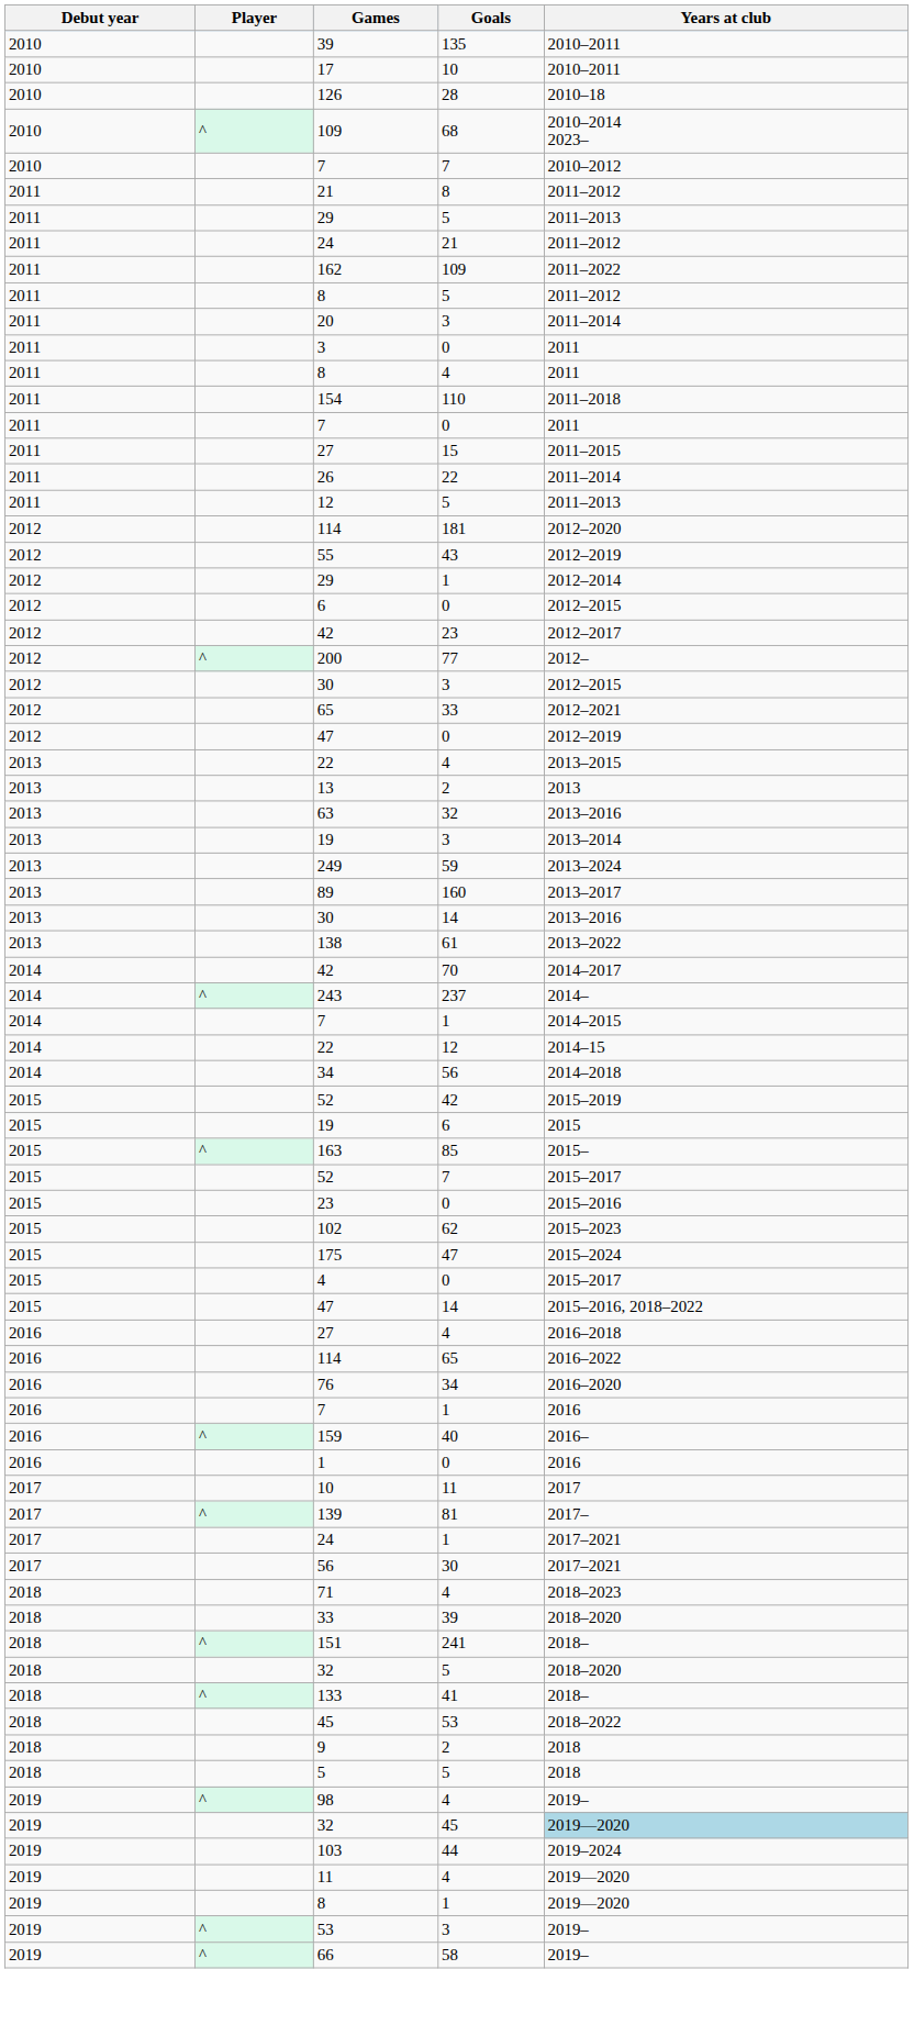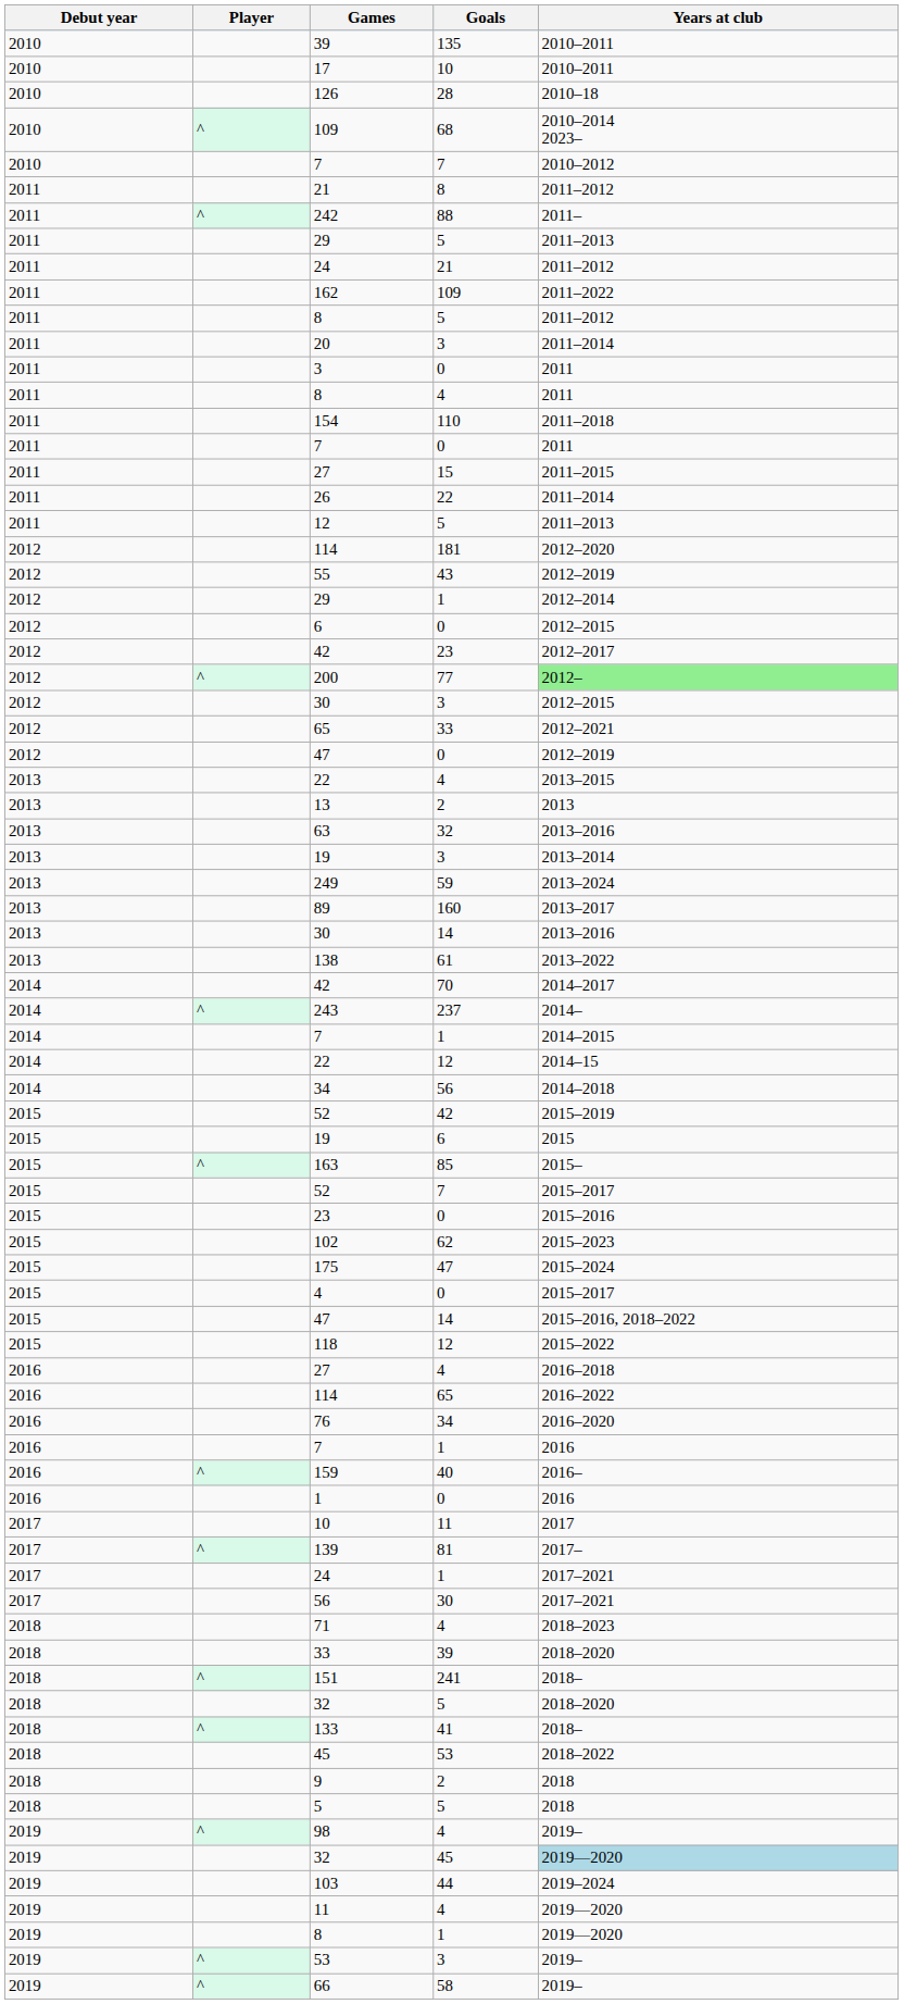 <table class="wikitable sortable" style="width:70%; text-align=center">
 <tr style="background:#87cefa;">
 <th>Debut year</th>
 <th>Player</th>
 <th>Games</th>
 <th>Goals</th>
 <th>Years at club</th>
 </tr>
 <tr>
 <td>2010</td>
 <td align=left></td>
 <td>39</td>
 <td>135</td>
 <td align=left>2010–2011</td>
 </tr>
 <tr>
 <td>2010</td>
 <td align=left></td>
 <td>17</td>
 <td>10</td>
 <td align=left>2010–2011</td>
 </tr>
 <tr>
 <td>2010</td>
 <td style="text-align:left"></td>
 <td>126</td>
 <td>28</td>
 <td align=left>2010–18</td>
 </tr>
 <tr>
 <td>2010</td>
 <td style="text-align:left; background:#d9f9e9">^</td>
 <td>109</td>
 <td>68</td>
 <td align=left>2010–2014<br>2023–</td>
 </tr>
 <tr>
 <td>2010</td>
 <td align=left></td>
 <td>7</td>
 <td>7</td>
 <td align=left>2010–2012</td>
 </tr>
 <tr>
 <td>2011</td>
 <td align=left></td>
 <td>21</td>
 <td>8</td>
 <td align=left>2011–2012</td>
+</tr>
+<tr>
+<td>2011</td>
+<td style="text-align:left; background:#d9f9e9">^</td>
+<td>242</td>
+<td>88</td>
+<td align=left>2011–</td>
 </tr>
 <tr>
 <td>2011</td>
 <td align=left></td>
 <td>29</td>
 <td>5</td>
 <td align=left>2011–2013</td>
 </tr>
 <tr>
 <td>2011</td>
 <td align=left></td>
 <td>24</td>
 <td>21</td>
 <td align=left>2011–2012</td>
 </tr>
 <tr>
 <td>2011</td>
 <td style="text-align:left"></td>
 <td>162</td>
 <td>109</td>
 <td align="left">2011–2022</td>
 </tr>
 <tr>
 <td>2011</td>
 <td align=left></td>
 <td>8</td>
 <td>5</td>
 <td align=left>2011–2012</td>
 </tr>
 <tr>
 <td>2011</td>
 <td align=left></td>
 <td>20</td>
 <td>3</td>
 <td align=left>2011–2014</td>
 </tr>
 <tr>
 <td>2011</td>
 <td align=left></td>
 <td>3</td>
 <td>0</td>
 <td align=left>2011</td>
 </tr>
 <tr>
 <td>2011</td>
 <td align=left></td>
 <td>8</td>
 <td>4</td>
 <td align=left>2011</td>
 </tr>
 <tr>
 <td>2011</td>
 <td style="text-align:left"></td>
 <td>154</td>
 <td>110</td>
 <td align=left>2011–2018</td>
 </tr>
 <tr>
 <td>2011</td>
 <td align=left></td>
 <td>7</td>
 <td>0</td>
 <td align=left>2011</td>
 </tr>
 <tr>
 <td>2011</td>
 <td align=left></td>
 <td>27</td>
 <td>15</td>
 <td align=left>2011–2015</td>
 </tr>
 <tr>
 <td>2011</td>
 <td align=left></td>
 <td>26</td>
 <td>22</td>
 <td align=left>2011–2014</td>
 </tr>
 <tr>
 <td>2011</td>
 <td align=left></td>
 <td>12</td>
 <td>5</td>
 <td align=left>2011–2013</td>
 </tr>
 <tr>
 <td>2012</td>
 <td align=left></td>
 <td>114</td>
 <td>181</td>
 <td align=left>2012–2020</td>
 </tr>
 <tr>
 <td>2012</td>
 <td align=left></td>
 <td>55</td>
 <td>43</td>
 <td align=left>2012–2019</td>
 </tr>
 <tr>
 <td>2012</td>
 <td align=left></td>
 <td>29</td>
 <td>1</td>
 <td align=left>2012–2014</td>
 </tr>
 <tr>
 <td>2012</td>
 <td align=left></td>
 <td>6</td>
 <td>0</td>
 <td align=left>2012–2015</td>
 </tr>
 <tr>
 <td>2012</td>
 <td align=left></td>
 <td>42</td>
 <td>23</td>
 <td align=left>2012–2017</td>
 </tr>
 <tr>
 <td>2012</td>
 <td style="text-align:left; background:#d9f9e9">^</td>
 <td>200</td>
 <td>77</td>
-<td align=left>2012–</td>
+<td align=left style="background: lightgreen;">2012–</td>
 </tr>
 <tr>
 <td>2012</td>
 <td align=left></td>
 <td>30</td>
 <td>3</td>
 <td align=left>2012–2015</td>
 </tr>
 <tr>
 <td>2012</td>
 <td style="text-align:left"></td>
 <td>65</td>
 <td>33</td>
 <td align=left>2012–2021</td>
 </tr>
 <tr>
 <td>2012</td>
 <td align=left></td>
 <td>47</td>
 <td>0</td>
 <td align=left>2012–2019</td>
 </tr>
 <tr>
 <td>2013</td>
 <td align=left></td>
 <td>22</td>
 <td>4</td>
 <td align=left>2013–2015</td>
 </tr>
 <tr>
 <td>2013</td>
 <td align=left></td>
 <td>13</td>
 <td>2</td>
 <td align=left>2013</td>
 </tr>
 <tr>
 <td>2013</td>
 <td align=left></td>
 <td>63</td>
 <td>32</td>
 <td align=left>2013–2016</td>
 </tr>
 <tr>
 <td>2013</td>
 <td align=left></td>
 <td>19</td>
 <td>3</td>
 <td align=left>2013–2014</td>
 </tr>
 <tr>
 <td>2013</td>
 <td style="text-align:left"></td>
 <td>249</td>
 <td>59</td>
 <td align=left>2013–2024</td>
 </tr>
 <tr>
 <td>2013</td>
 <td align=left></td>
 <td>89</td>
 <td>160</td>
 <td align=left>2013–2017</td>
 </tr>
 <tr>
 <td>2013</td>
 <td align=left></td>
 <td>30</td>
 <td>14</td>
 <td align=left>2013–2016</td>
 </tr>
 <tr>
 <td>2013</td>
 <td style="text-align:left"></td>
 <td>138</td>
 <td>61</td>
 <td align=left>2013–2022</td>
 </tr>
 <tr>
 <td>2014</td>
 <td align=left></td>
 <td>42</td>
 <td>70</td>
 <td align=left>2014–2017</td>
 </tr>
 <tr>
 <td>2014</td>
 <td style="text-align:left; background:#d9f9e9">^</td>
 <td>243</td>
 <td>237</td>
 <td align=left>2014–</td>
 </tr>
 <tr>
 <td>2014</td>
 <td align=left></td>
 <td>7</td>
 <td>1</td>
 <td align=left>2014–2015</td>
 </tr>
 <tr>
 <td>2014</td>
 <td style="text-align:left"></td>
 <td>22</td>
 <td>12</td>
 <td align=left>2014–15</td>
 </tr>
 <tr>
 <td>2014</td>
 <td style="text-align:left"></td>
 <td>34</td>
 <td>56</td>
 <td align=left>2014–2018</td>
 </tr>
 <tr>
 <td>2015</td>
 <td style="text-align:left"></td>
 <td>52</td>
 <td>42</td>
 <td align=left>2015–2019</td>
 </tr>
 <tr>
 <td>2015</td>
 <td style="text-align:left"></td>
 <td>19</td>
 <td>6</td>
 <td align=left>2015</td>
 </tr>
 <tr>
 <td>2015</td>
 <td style="text-align:left; background:#d9f9e9">^</td>
 <td>163</td>
 <td>85</td>
 <td align=left>2015–</td>
 </tr>
 <tr>
 <td>2015</td>
 <td style="text-align:left"></td>
 <td>52</td>
 <td>7</td>
 <td align=left>2015–2017</td>
 </tr>
 <tr>
 <td>2015</td>
 <td align=left></td>
 <td>23</td>
 <td>0</td>
 <td align=left>2015–2016</td>
 </tr>
 <tr>
 <td>2015</td>
 <td style="text-align:left"></td>
 <td>102</td>
 <td>62</td>
 <td align=left>2015–2023</td>
 </tr>
 <tr>
 <td>2015</td>
 <td style="text-align:left"></td>
 <td>175</td>
 <td>47</td>
 <td align=left>2015–2024</td>
 </tr>
 <tr>
 <td>2015</td>
 <td align=left></td>
 <td>4</td>
 <td>0</td>
 <td align=left>2015–2017</td>
 </tr>
 <tr>
 <td>2015</td>
 <td style="text-align:left"></td>
 <td>47</td>
 <td>14</td>
 <td align=left>2015–2016, 2018–2022</td>
 </tr>
 <tr>
+<td>2015</td>
+<td style="text-align:left"></td>
+<td>118</td>
+<td>12</td>
+<td align=left>2015–2022</td>
+</tr>
+<tr>
 <td>2016</td>
 <td style="text-align:left"></td>
 <td>27</td>
 <td>4</td>
 <td align=left>2016–2018</td>
 </tr>
 <tr>
 <td>2016</td>
 <td style="text-align:left"></td>
 <td>114</td>
 <td>65</td>
 <td align=left>2016–2022</td>
 </tr>
 <tr>
 <td>2016</td>
 <td style="text-align:left"></td>
 <td>76</td>
 <td>34</td>
 <td align=left>2016–2020</td>
 </tr>
 <tr>
 <td>2016</td>
 <td style="text-align:left;"></td>
 <td>7</td>
 <td>1</td>
 <td align=left>2016</td>
 </tr>
 <tr>
 <td>2016</td>
 <td style="text-align:left; background:#d9f9e9">^</td>
 <td>159</td>
 <td>40</td>
 <td align=left>2016–</td>
 </tr>
 <tr>
 <td>2016</td>
 <td style="text-align:left"></td>
 <td>1</td>
 <td>0</td>
 <td align=left>2016</td>
 </tr>
 <tr>
 <td>2017</td>
 <td style="text-align:left;"></td>
 <td>10</td>
 <td>11</td>
 <td align=left>2017</td>
 </tr>
 <tr>
 <td>2017</td>
 <td style="text-align:left; background:#d9f9e9">^</td>
 <td>139</td>
 <td>81</td>
 <td align=left>2017–</td>
 </tr>
 <tr>
 <td>2017</td>
 <td style="text-align:left"></td>
 <td>24</td>
 <td>1</td>
 <td align=left>2017–2021</td>
 </tr>
 <tr>
 <td>2017</td>
 <td style="text-align:left"></td>
 <td>56</td>
 <td>30</td>
 <td align=left>2017–2021</td>
 </tr>
 <tr>
 <td>2018</td>
 <td style="text-align:left"></td>
 <td>71</td>
 <td>4</td>
 <td align=left>2018–2023</td>
 </tr>
 <tr>
 <td>2018</td>
 <td style="text-align:left;"></td>
 <td>33</td>
 <td>39</td>
 <td align=left>2018–2020</td>
 </tr>
 <tr>
 <td>2018</td>
 <td style="text-align:left; background:#d9f9e9">^</td>
 <td>151</td>
 <td>241</td>
 <td align=left>2018–</td>
 </tr>
 <tr>
 <td>2018</td>
 <td style="text-align:left;"></td>
 <td>32</td>
 <td>5</td>
 <td align=left>2018–2020</td>
 </tr>
 <tr>
 <td>2018</td>
 <td style="text-align:left; background:#d9f9e9">^</td>
 <td>133</td>
 <td>41</td>
 <td align=left>2018–</td>
 </tr>
 <tr>
 <td>2018</td>
 <td style="text-align:left"></td>
 <td>45</td>
 <td>53</td>
 <td align=left>2018–2022</td>
 </tr>
 <tr>
 <td>2018</td>
 <td style="text-align:left;"></td>
 <td>9</td>
 <td>2</td>
 <td align=left>2018</td>
 </tr>
 <tr>
 <td>2018</td>
 <td style="text-align:left;"></td>
 <td>5</td>
 <td>5</td>
 <td align=left>2018</td>
 </tr>
 <tr>
 <td>2019</td>
 <td style="text-align:left; background:#d9f9e9">^</td>
 <td>98</td>
 <td>4</td>
 <td align=left>2019–</td>
 </tr>
 <tr>
 <td>2019</td>
 <td style="text-align:left;"></td>
 <td>32</td>
 <td>45</td>
 <td align=left style="background: lightblue;">2019—2020</td>
 </tr>
 <tr>
 <td>2019</td>
 <td style="text-align:left"></td>
 <td>103</td>
 <td>44</td>
 <td align=left>2019–2024</td>
 </tr>
 <tr>
 <td>2019</td>
 <td style="text-align:left;"></td>
 <td>11</td>
 <td>4</td>
 <td align=left>2019—2020</td>
 </tr>
 <tr>
 <td>2019</td>
 <td style="text-align:left;"></td>
 <td>8</td>
 <td>1</td>
 <td align=left>2019—2020</td>
 </tr>
 <tr>
 <td>2019</td>
 <td style="text-align:left; background:#d9f9e9">^</td>
 <td>53</td>
 <td>3</td>
 <td align=left>2019–</td>
 </tr>
 <tr>
 <td>2019</td>
 <td style="background:#d9f9e9">^</td>
 <td>66</td>
 <td>58</td>
 <td>2019–</td>
 </tr>
 </table>
